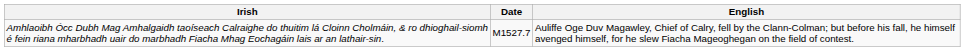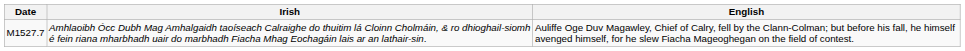 <table class="wikitable">
 <tr>
+<th><strong>Date</strong></th>
 <th><strong>Irish</strong></th>
-<th><strong>Date</strong></th>
 <th><strong>English</strong></th>
 </tr>
 <tr>
+<td>M1527.7</td>
 <td><em>Amhlaoibh Ócc Dubh Mag Amhalgaidh taoíseach Calraighe do thuitim lá Cloinn Cholmáin, & ro dhioghail-siomh é fein riana mharbhadh uair do marbhadh Fiacha Mhag Eochagáin lais ar an lathair-sin</em>.</td>
-<td>M1527.7</td>
 <td>Auliffe Oge Duv Magawley, Chief of Calry, fell by the Clann-Colman; but before his fall, he himself avenged himself, for he slew Fiacha Mageoghegan on the field of contest.</td>
 </tr>
 </table>
